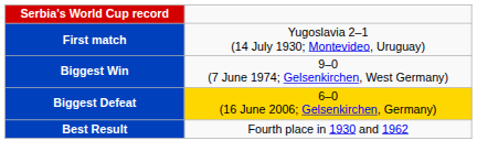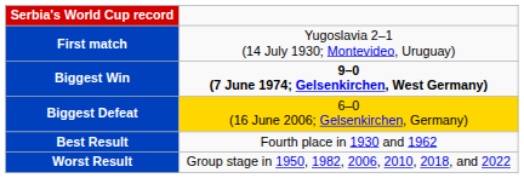 <table class="wikitable collapsible collapsed" style="width:50%;text-align:center">
 <tr>
 <th style="background:#D40000; color:white; "><strong>Serbia's World Cup record</strong></th>
 </tr>
 <tr>
 <th style="background:#0040BC; color:white; ">First match</th>
 <td> Yugoslavia 2–1 <br>(14 July 1930; <a href='#'>Montevideo</a>, Uruguay)</td>
 </tr>
 <tr>
 <th style="background:#0040BC; color:white; ">Biggest Win</th>
-<td> 9–0 <br>(7 June 1974; <a href='#'>Gelsenkirchen</a>, West Germany)</td>
+<td><strong> 9–0 <br>(7 June 1974; <a href='#'>Gelsenkirchen</a>, West Germany)</strong></td>
 </tr>
 <tr>
 <th style="background:#0040BC; color:white; ">Biggest Defeat</th>
 <td style="background: gold;"> 6–0 <br>(16 June 2006; <a href='#'>Gelsenkirchen</a>, Germany)</td>
 </tr>
 <tr>
 <th style="background:#0040BC; color:white; ">Best Result</th>
 <td>Fourth place in <a href='#'>1930</a> and <a href='#'>1962</a></td>
 </tr>
+<tr>
+<th style="background:#0040BC; color:white; ">Worst Result</th>
+<td>Group stage in <a href='#'>1950</a>, <a href='#'>1982</a>, <a href='#'>2006</a>, <a href='#'>2010</a>, <a href='#'>2018</a>, and <a href='#'>2022</a></td>
+</tr>
 </table>
